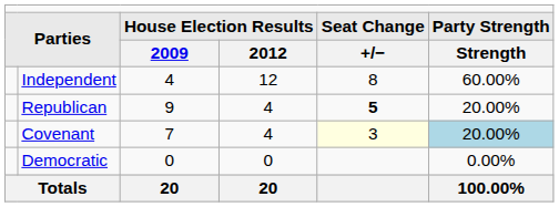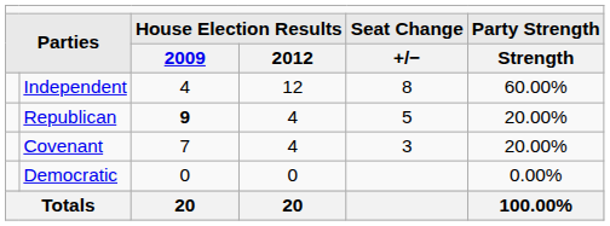 <table class   ="wikitable">
 <tr>
 <td colspan="6"></td>
 </tr>
 <tr>
 <th style   ="background:#e9e9e9; text-align:center" rowspan="2" colspan="2">Parties</th>
 <th style   ="background:#e9e9e9; text-align:center" colspan="2">House Election Results</th>
 <th style   ="background:#e9e9e9; text-align:center" colspan="1">Seat Change</th>
 <th style   ="background:#e9e9e9; text-align:center" colspan="1">Party Strength</th>
 </tr>
 <tr style ="background:#e9e9e9">
 <th><a href='#'>2009</a></th>
 <th>2012</th>
 <th>+/−</th>
 <th>Strength</th>
 </tr>
 <tr>
 <td style="background-color:"> </td>
 <td><a href='#'>Independent</a></td>
 <td align = center>4</td>
 <td align = center>12</td>
 <td align = center>8 </td>
 <td align = center>60.00%</td>
 </tr>
 <tr>
 <td style="background-color:"> </td>
 <td><a href='#'>Republican</a></td>
-<td align = center>9</td>
+<td align = center><strong>9</strong></td>
 <td align = center>4</td>
-<td align = center><strong>5 </strong></td>
+<td align = center>5 </td>
 <td align = center>20.00%</td>
 </tr>
 <tr>
 <td style="background-color:"> </td>
 <td><a href='#'>Covenant</a></td>
 <td align = center>7</td>
 <td align = center>4</td>
-<td align = center style="background: lightyellow;">3 </td>
-<td align = center style="background: lightblue;">20.00%</td>
+<td align = center>3 </td>
+<td align = center>20.00%</td>
 </tr>
 <tr>
 <td style="background-color:"> </td>
 <td><a href='#'>Democratic</a></td>
 <td align = center>0</td>
 <td align = center>0</td>
 <td align = center></td>
 <td align = center>0.00%</td>
 </tr>
 <tr style = "background:#ccc">
 <th colspan = "2">Totals</th>
 <th>20</th>
 <th>20</th>
 <th></th>
 <th>100.00%</th>
 </tr>
 </table>
